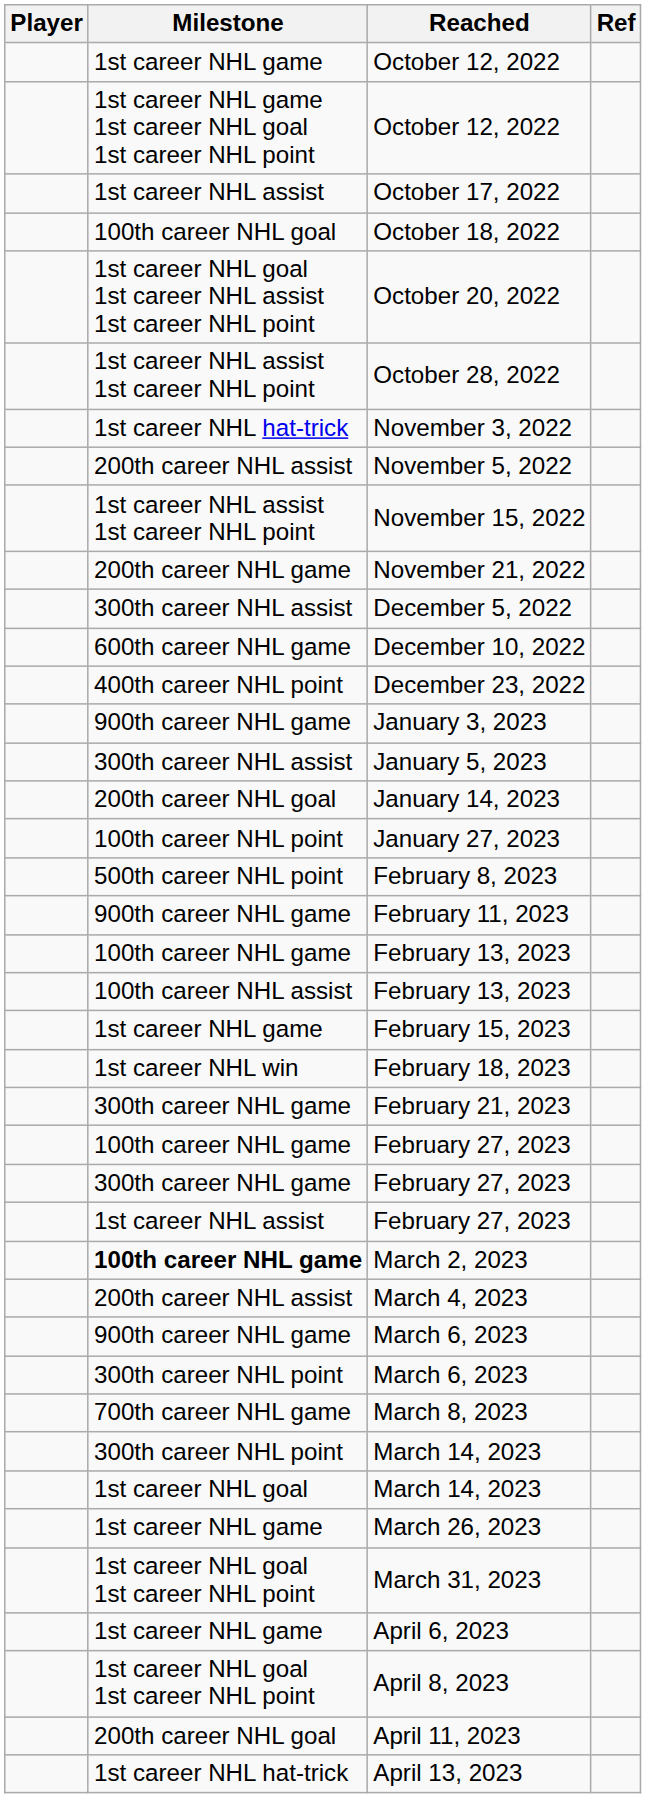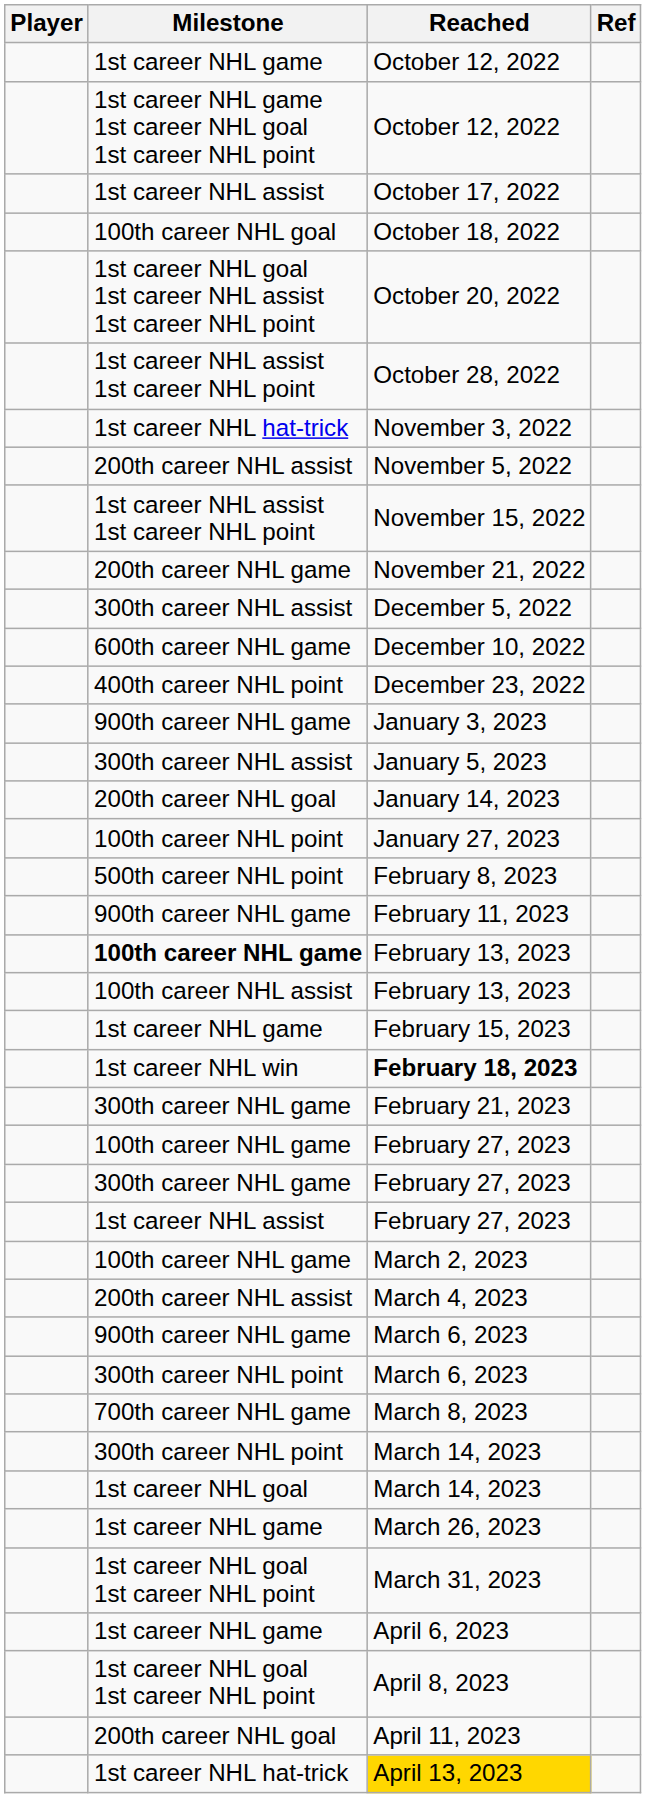 <table class="wikitable sortable">
 <tr>
 <th>Player</th>
 <th>Milestone</th>
 <th data-sort-type="date">Reached</th>
 <th>Ref</th>
 </tr>
 <tr>
 <td></td>
 <td>1st career NHL game</td>
 <td>October 12, 2022</td>
 <td></td>
 </tr>
 <tr>
 <td></td>
 <td>1st career NHL game<br>1st career NHL goal<br>1st career NHL point</td>
 <td>October 12, 2022</td>
 <td></td>
 </tr>
 <tr>
 <td></td>
 <td>1st career NHL assist</td>
 <td>October 17, 2022</td>
 <td></td>
 </tr>
 <tr>
 <td></td>
 <td>100th career NHL goal</td>
 <td>October 18, 2022</td>
 <td></td>
 </tr>
 <tr>
 <td></td>
 <td>1st career NHL goal<br>1st career NHL assist<br>1st career NHL point</td>
 <td>October 20, 2022</td>
 <td></td>
 </tr>
 <tr>
 <td></td>
 <td>1st career NHL assist<br>1st career NHL point</td>
 <td>October 28, 2022</td>
 <td></td>
 </tr>
 <tr>
 <td></td>
 <td>1st career NHL <a href='#'>hat-trick</a></td>
 <td>November 3, 2022</td>
 <td></td>
 </tr>
 <tr>
 <td></td>
 <td>200th career NHL assist</td>
 <td>November 5, 2022</td>
 <td></td>
 </tr>
 <tr>
 <td></td>
 <td>1st career NHL assist<br>1st career NHL point</td>
 <td>November 15, 2022</td>
 <td></td>
 </tr>
 <tr>
 <td></td>
 <td>200th career NHL game</td>
 <td>November 21, 2022</td>
 <td></td>
 </tr>
 <tr>
 <td></td>
 <td>300th career NHL assist</td>
 <td>December 5, 2022</td>
 <td></td>
 </tr>
 <tr>
 <td></td>
 <td>600th career NHL game</td>
 <td>December 10, 2022</td>
 <td></td>
 </tr>
 <tr>
 <td></td>
 <td>400th career NHL point</td>
 <td>December 23, 2022</td>
 <td></td>
 </tr>
 <tr>
 <td></td>
 <td>900th career NHL game</td>
 <td>January 3, 2023</td>
 <td></td>
 </tr>
 <tr>
 <td></td>
 <td>300th career NHL assist</td>
 <td>January 5, 2023</td>
 <td></td>
 </tr>
 <tr>
 <td></td>
 <td>200th career NHL goal</td>
 <td>January 14, 2023</td>
 <td></td>
 </tr>
 <tr>
 <td></td>
 <td>100th career NHL point</td>
 <td>January 27, 2023</td>
 <td></td>
 </tr>
 <tr>
 <td></td>
 <td>500th career NHL point</td>
 <td>February 8, 2023</td>
 <td></td>
 </tr>
 <tr>
 <td></td>
 <td>900th career NHL game</td>
 <td>February 11, 2023</td>
 <td></td>
 </tr>
 <tr>
 <td></td>
-<td>100th career NHL game</td>
+<td><strong>100th career NHL game</strong></td>
 <td>February 13, 2023</td>
 <td></td>
 </tr>
 <tr>
 <td></td>
 <td>100th career NHL assist</td>
 <td>February 13, 2023</td>
 <td></td>
 </tr>
 <tr>
 <td></td>
 <td>1st career NHL game</td>
 <td>February 15, 2023</td>
 <td></td>
 </tr>
 <tr>
 <td></td>
 <td>1st career NHL win</td>
-<td>February 18, 2023</td>
+<td><strong>February 18, 2023</strong></td>
 <td></td>
 </tr>
 <tr>
 <td></td>
 <td>300th career NHL game</td>
 <td>February 21, 2023</td>
 <td></td>
 </tr>
 <tr>
 <td></td>
 <td>100th career NHL game</td>
 <td>February 27, 2023</td>
 <td></td>
 </tr>
 <tr>
 <td></td>
 <td>300th career NHL game</td>
 <td>February 27, 2023</td>
 <td></td>
 </tr>
 <tr>
 <td></td>
 <td>1st career NHL assist</td>
 <td>February 27, 2023</td>
 <td></td>
 </tr>
 <tr>
 <td></td>
-<td><strong>100th career NHL game</strong></td>
+<td>100th career NHL game</td>
 <td>March 2, 2023</td>
 <td></td>
 </tr>
 <tr>
 <td></td>
 <td>200th career NHL assist</td>
 <td>March 4, 2023</td>
 <td></td>
 </tr>
 <tr>
 <td></td>
 <td>900th career NHL game</td>
 <td>March 6, 2023</td>
 <td></td>
 </tr>
 <tr>
 <td></td>
 <td>300th career NHL point</td>
 <td>March 6, 2023</td>
 <td></td>
 </tr>
 <tr>
 <td></td>
 <td>700th career NHL game</td>
 <td>March 8, 2023</td>
 <td></td>
 </tr>
 <tr>
 <td></td>
 <td>300th career NHL point</td>
 <td>March 14, 2023</td>
 <td></td>
 </tr>
 <tr>
 <td></td>
 <td>1st career NHL goal</td>
 <td>March 14, 2023</td>
 <td></td>
 </tr>
 <tr>
 <td></td>
 <td>1st career NHL game</td>
 <td>March 26, 2023</td>
 <td></td>
 </tr>
 <tr>
 <td></td>
 <td>1st career NHL goal<br>1st career NHL point</td>
 <td>March 31, 2023</td>
 <td></td>
 </tr>
 <tr>
 <td></td>
 <td>1st career NHL game</td>
 <td>April 6, 2023</td>
 <td></td>
 </tr>
 <tr>
 <td></td>
 <td>1st career NHL goal<br>1st career NHL point</td>
 <td>April 8, 2023</td>
 <td></td>
 </tr>
 <tr>
 <td></td>
 <td>200th career NHL goal</td>
 <td>April 11, 2023</td>
 <td></td>
 </tr>
 <tr>
 <td></td>
 <td>1st career NHL hat-trick</td>
-<td>April 13, 2023</td>
+<td style="background: gold;">April 13, 2023</td>
 <td></td>
 </tr>
 </table>
